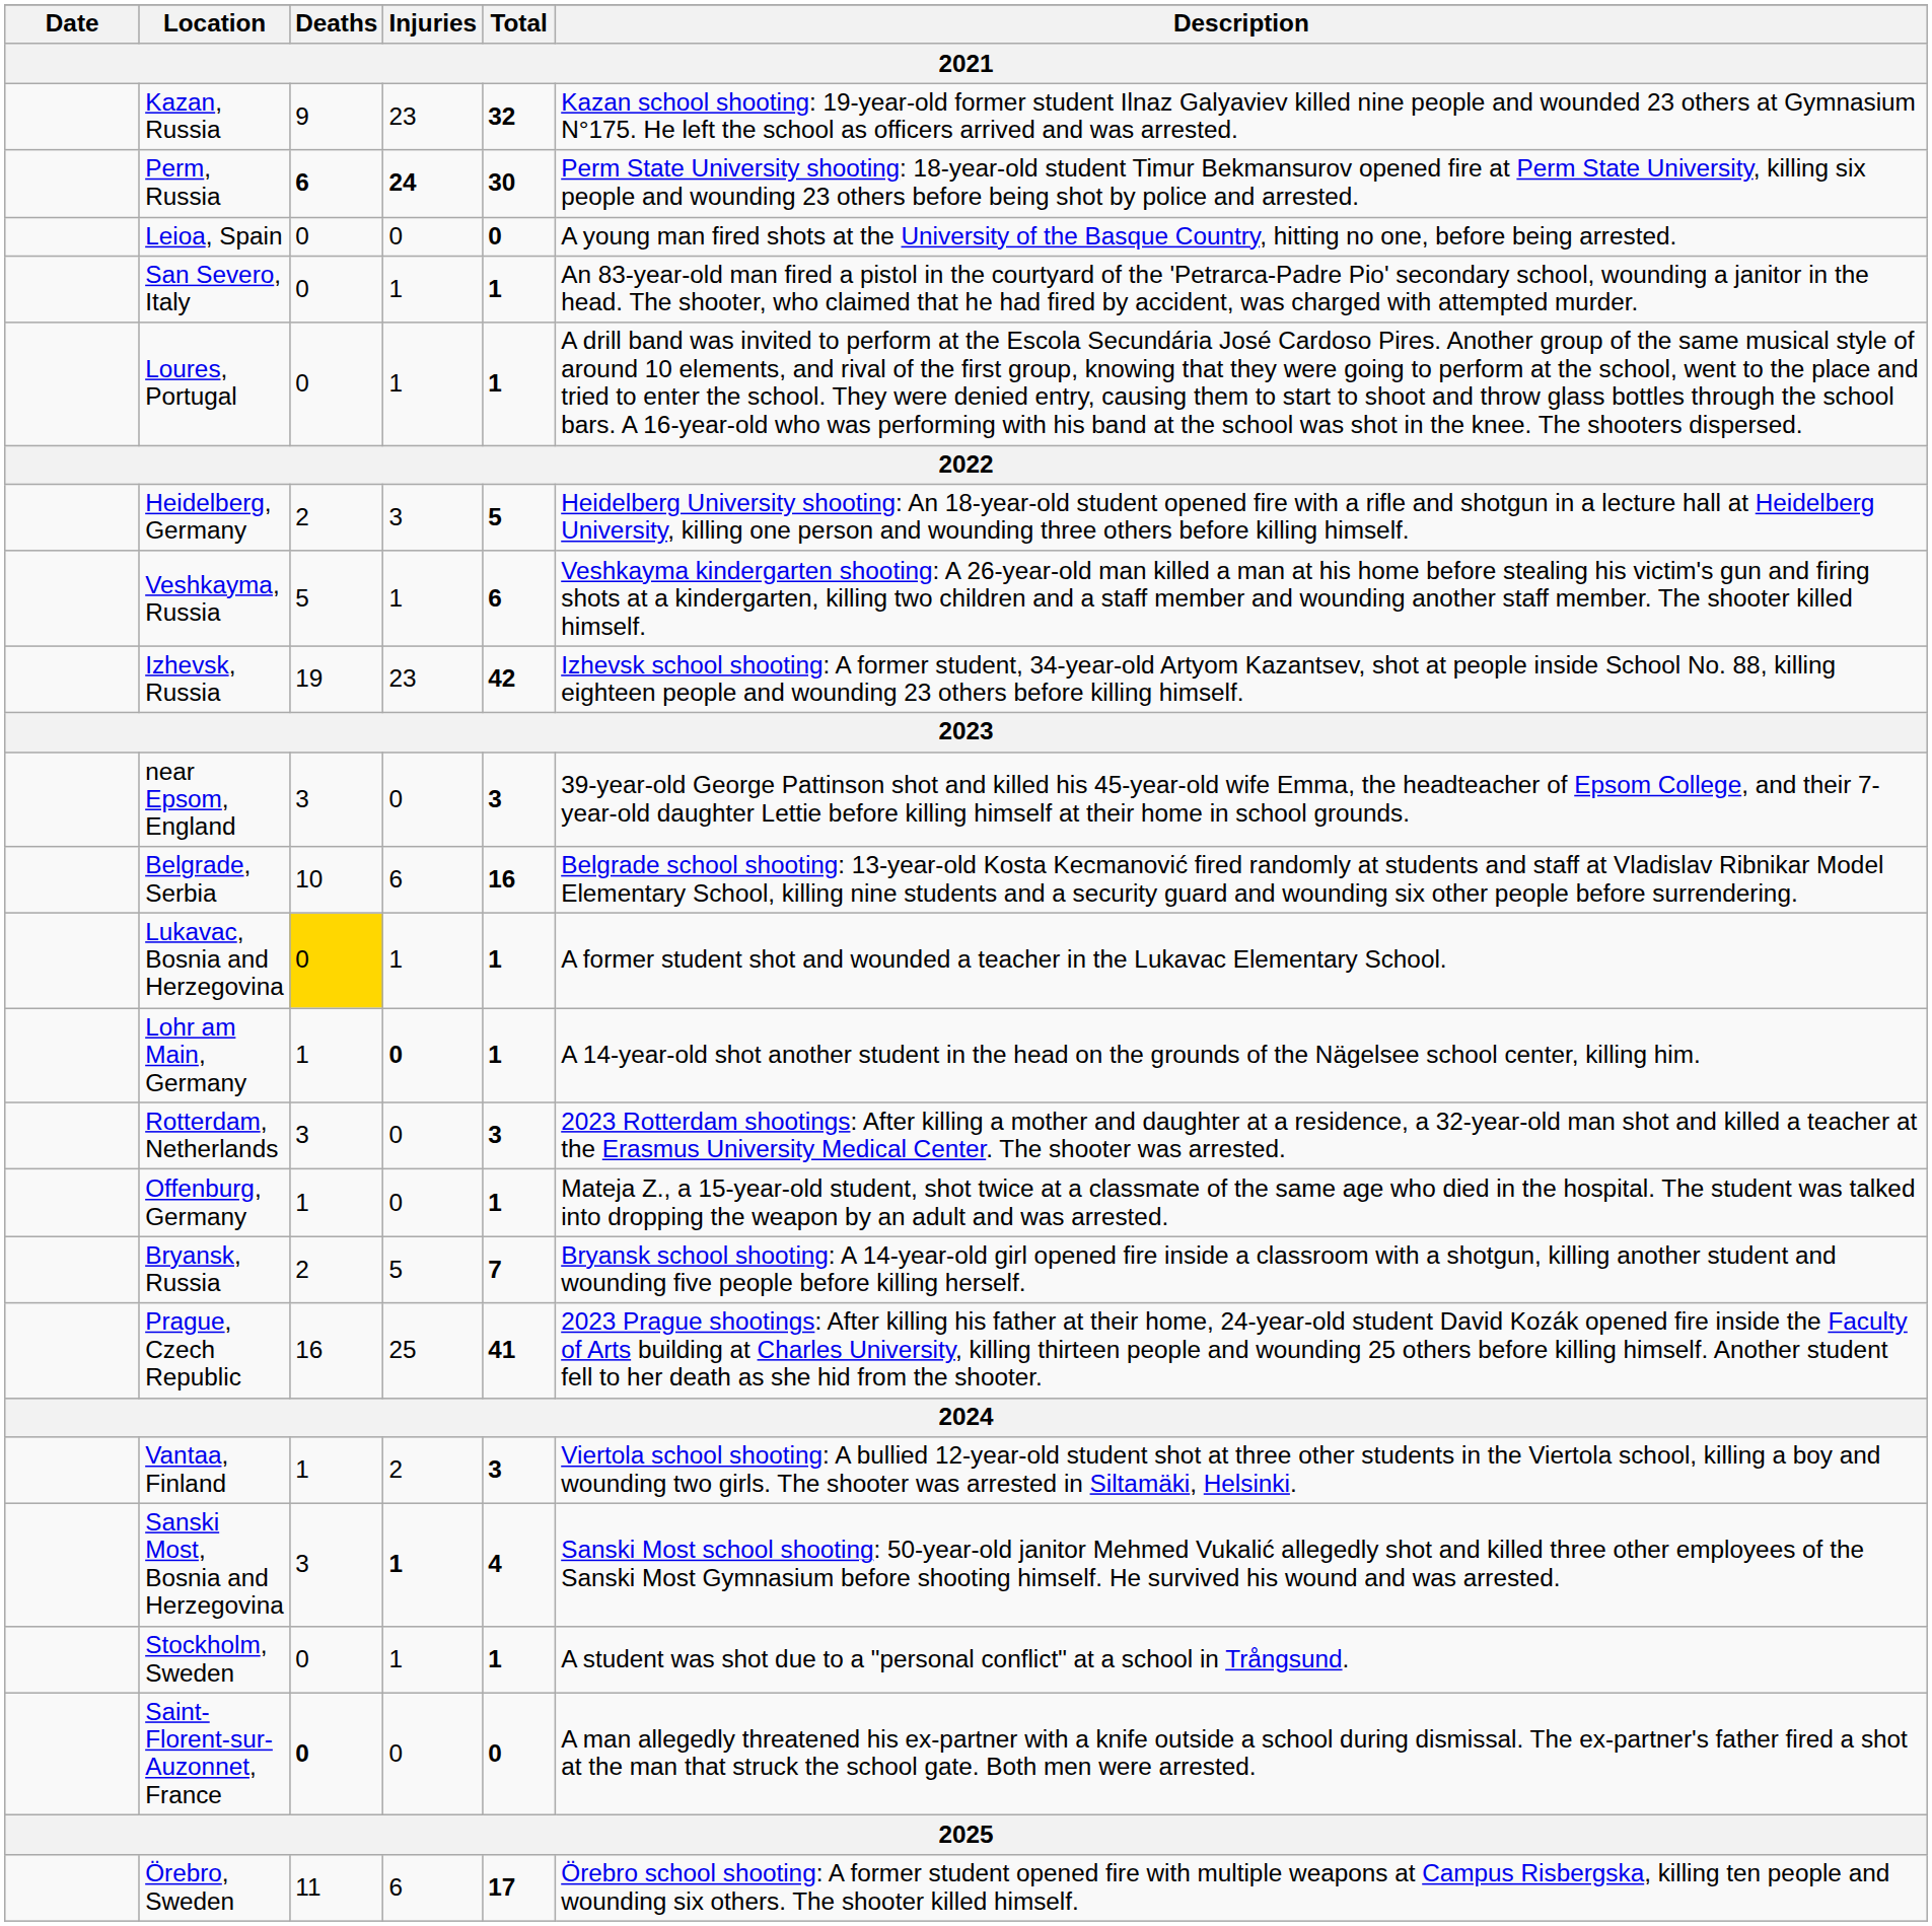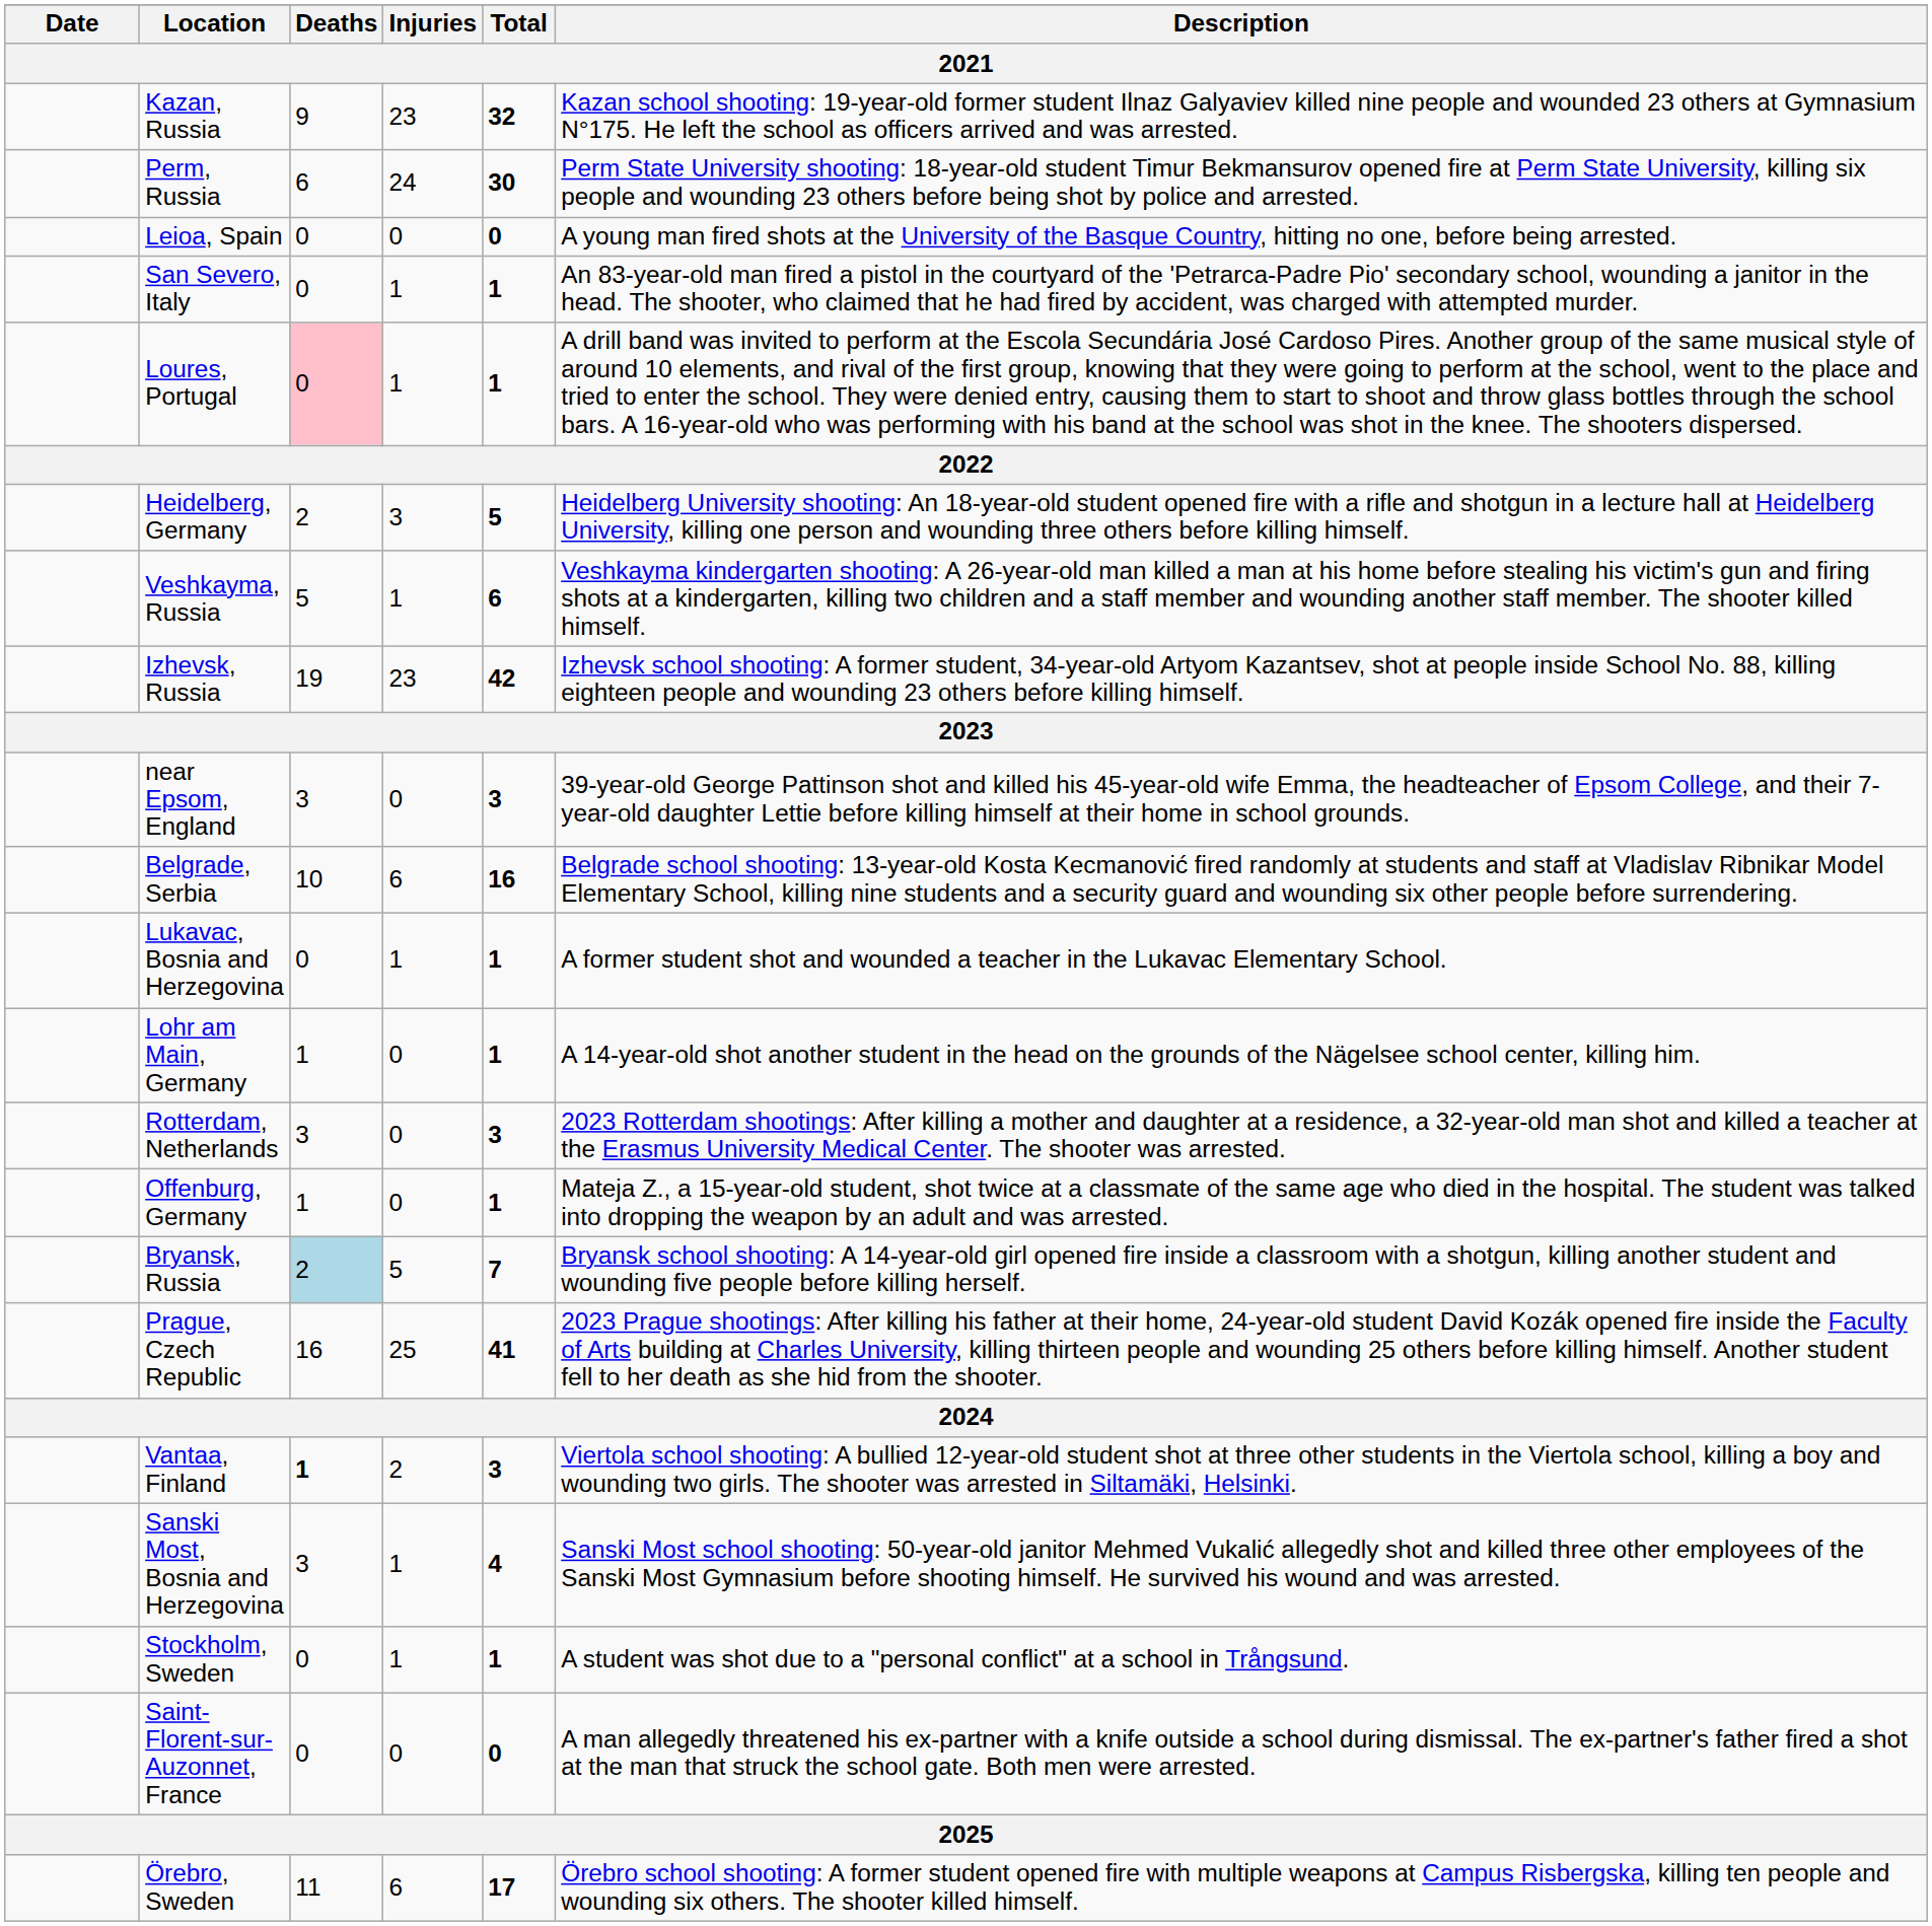 <table class="sortable wikitable" style="font-size:100%;" id="2020s">
 <tr>
 </tr>
 <tr>
 <th style="width:80px;">Date</th>
 <th style="width:90px;">Location</th>
 <th style="width:40px;">Deaths</th>
 <th style="width:40px;">Injuries</th>
 <th style="width:40px;">Total</th>
 <th class="unsortable">Description</th>
 </tr>
 <tr>
 <th colspan="7">2021 </th>
 </tr>
 <tr>
 <td></td>
 <td><a href='#'>Kazan</a>, Russia</td>
 <td>9</td>
 <td>23</td>
 <td><strong>32</strong></td>
 <td><a href='#'>Kazan school shooting</a>: 19-year-old former student Ilnaz Galyaviev killed nine people and wounded 23 others at Gymnasium N°175. He left the school as officers arrived and was arrested.</td>
 </tr>
 <tr>
 <td></td>
 <td><a href='#'>Perm</a>, Russia</td>
-<td><strong>6</strong></td>
-<td><strong>24</strong></td>
+<td>6</td>
+<td>24</td>
 <td><strong>30</strong></td>
 <td><a href='#'>Perm State University shooting</a>: 18-year-old student Timur Bekmansurov opened fire at <a href='#'>Perm State University</a>, killing six people and wounding 23 others before being shot by police and arrested.</td>
 </tr>
 <tr>
 <td></td>
 <td><a href='#'>Leioa</a>, Spain</td>
 <td>0</td>
 <td>0</td>
 <td><strong>0</strong></td>
 <td>A young man fired shots at the <a href='#'>University of the Basque Country</a>, hitting no one, before being arrested.</td>
 </tr>
 <tr>
 <td></td>
 <td><a href='#'>San Severo</a>, Italy</td>
 <td>0</td>
 <td>1</td>
 <td><strong>1</strong></td>
 <td>An 83-year-old man fired a pistol in the courtyard of the 'Petrarca-Padre Pio' secondary school, wounding a janitor in the head. The shooter, who claimed that he had fired by accident, was charged with attempted murder.</td>
 </tr>
 <tr>
 <td></td>
 <td><a href='#'>Loures</a>, Portugal</td>
-<td>0</td>
+<td style="background: pink;">0</td>
 <td>1</td>
 <td><strong>1</strong></td>
 <td>A drill band was invited to perform at the Escola Secundária José Cardoso Pires. Another group of the same musical style of around 10 elements, and rival of the first group, knowing that they were going to perform at the school, went to the place and tried to enter the school. They were denied entry, causing them to start to shoot and throw glass bottles through the school bars. A 16-year-old who was performing with his band at the school was shot in the knee. The shooters dispersed.</td>
 </tr>
 <tr>
 <th colspan="7">2022 </th>
 </tr>
 <tr>
 <td></td>
 <td><a href='#'>Heidelberg</a>, Germany</td>
 <td>2</td>
 <td>3</td>
 <td><strong>5</strong></td>
 <td><a href='#'>Heidelberg University shooting</a>: An 18-year-old student opened fire with a rifle and shotgun in a lecture hall at <a href='#'>Heidelberg University</a>, killing one person and wounding three others before killing himself.</td>
 </tr>
 <tr>
 <td></td>
 <td><a href='#'>Veshkayma</a>, Russia</td>
 <td>5</td>
 <td>1</td>
 <td><strong>6</strong></td>
 <td><a href='#'>Veshkayma kindergarten shooting</a>: A 26-year-old man killed a man at his home before stealing his victim's gun and firing shots at a kindergarten, killing two children and a staff member and wounding another staff member. The shooter killed himself.</td>
 </tr>
 <tr>
 <td></td>
 <td><a href='#'>Izhevsk</a>, Russia</td>
 <td>19</td>
 <td>23</td>
 <td><strong>42</strong></td>
 <td><a href='#'>Izhevsk school shooting</a>: A former student, 34-year-old Artyom Kazantsev, shot at people inside School No. 88, killing eighteen people and wounding 23 others before killing himself.</td>
 </tr>
 <tr>
 <th colspan="7">2023 </th>
 </tr>
 <tr>
 <td></td>
 <td>near <a href='#'>Epsom</a>, England</td>
 <td>3</td>
 <td>0</td>
 <td><strong>3</strong></td>
 <td>39-year-old George Pattinson shot and killed his 45-year-old wife Emma, the headteacher of <a href='#'>Epsom College</a>, and their 7-year-old daughter Lettie before killing himself at their home in school grounds.</td>
 </tr>
 <tr>
 <td></td>
 <td><a href='#'>Belgrade</a>, Serbia</td>
 <td>10</td>
 <td>6</td>
 <td><strong>16</strong></td>
 <td><a href='#'>Belgrade school shooting</a>: 13-year-old Kosta Kecmanović fired randomly at students and staff at Vladislav Ribnikar Model Elementary School, killing nine students and a security guard and wounding six other people before surrendering.</td>
 </tr>
 <tr>
 <td></td>
 <td><a href='#'>Lukavac</a>, Bosnia and Herzegovina</td>
-<td style="background: gold;">0</td>
+<td>0</td>
 <td>1</td>
 <td><strong>1</strong></td>
 <td>A former student shot and wounded a teacher in the Lukavac Elementary School.</td>
 </tr>
 <tr>
 <td></td>
 <td><a href='#'>Lohr am Main</a>, Germany</td>
 <td>1</td>
-<td><strong>0</strong></td>
+<td>0</td>
 <td><strong>1</strong></td>
 <td>A 14-year-old shot another student in the head on the grounds of the Nägelsee school center, killing him.</td>
 </tr>
 <tr>
 <td></td>
 <td><a href='#'>Rotterdam</a>, Netherlands</td>
 <td>3</td>
 <td>0</td>
 <td><strong>3</strong></td>
 <td><a href='#'>2023 Rotterdam shootings</a>: After killing a mother and daughter at a residence, a 32-year-old man shot and killed a teacher at the <a href='#'>Erasmus University Medical Center</a>. The shooter was arrested.</td>
 </tr>
 <tr>
 <td></td>
 <td><a href='#'>Offenburg</a>, Germany</td>
 <td>1</td>
 <td>0</td>
 <td><strong>1</strong></td>
 <td>Mateja Z., a 15-year-old student, shot twice at a classmate of the same age who died in the hospital. The student was talked into dropping the weapon by an adult and was arrested.</td>
 </tr>
 <tr>
 <td></td>
 <td><a href='#'>Bryansk</a>, Russia</td>
-<td>2</td>
+<td style="background: lightblue;">2</td>
 <td>5</td>
 <td><strong>7</strong></td>
 <td><a href='#'>Bryansk school shooting</a>: A 14-year-old girl opened fire inside a classroom with a shotgun, killing another student and wounding five people before killing herself.</td>
 </tr>
 <tr>
 <td></td>
 <td><a href='#'>Prague</a>, Czech Republic</td>
 <td>16</td>
 <td>25</td>
 <td><strong>41</strong></td>
 <td><a href='#'>2023 Prague shootings</a>: After killing his father at their home, 24-year-old student David Kozák opened fire inside the <a href='#'>Faculty of Arts</a> building at <a href='#'>Charles University</a>, killing thirteen people and wounding 25 others before killing himself. Another student fell to her death as she hid from the shooter.</td>
 </tr>
 <tr>
 <th colspan="7">2024 </th>
 </tr>
 <tr>
 <td></td>
 <td><a href='#'>Vantaa</a>, Finland</td>
-<td>1</td>
+<td><strong>1</strong></td>
 <td>2</td>
 <td><strong>3</strong></td>
 <td><a href='#'>Viertola school shooting</a>: A bullied 12-year-old student shot at three other students in the Viertola school, killing a boy and wounding two girls. The shooter was arrested in <a href='#'>Siltamäki</a>, <a href='#'>Helsinki</a>.</td>
 </tr>
 <tr>
 <td></td>
 <td><a href='#'>Sanski Most</a>, Bosnia and Herzegovina</td>
 <td>3</td>
-<td><strong>1</strong></td>
+<td>1</td>
 <td><strong>4</strong></td>
 <td><a href='#'>Sanski Most school shooting</a>: 50-year-old janitor Mehmed Vukalić allegedly shot and killed three other employees of the Sanski Most Gymnasium before shooting himself. He survived his wound and was arrested.</td>
 </tr>
 <tr>
 <td></td>
 <td><a href='#'>Stockholm</a>, Sweden</td>
 <td>0</td>
 <td>1</td>
 <td><strong>1</strong></td>
 <td>A student was shot due to a "personal conflict" at a school in <a href='#'>Trångsund</a>.</td>
 </tr>
 <tr>
 <td></td>
 <td><a href='#'>Saint-Florent-sur-Auzonnet</a>, France</td>
-<td><strong>0</strong></td>
+<td>0</td>
 <td>0</td>
 <td><strong>0</strong></td>
 <td>A man allegedly threatened his ex-partner with a knife outside a school during dismissal. The ex-partner's father fired a shot at the man that struck the school gate. Both men were arrested.</td>
 </tr>
 <tr>
 <th colspan="7">2025 </th>
 </tr>
 <tr>
 <td></td>
 <td><a href='#'>Örebro</a>, Sweden</td>
 <td>11</td>
 <td>6</td>
 <td><strong>17</strong></td>
 <td><a href='#'>Örebro school shooting</a>: A former student opened fire with multiple weapons at <a href='#'>Campus Risbergska</a>, killing ten people and wounding six others. The shooter killed himself.</td>
 </tr>
 </table>
